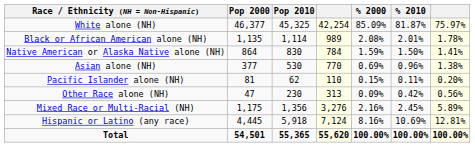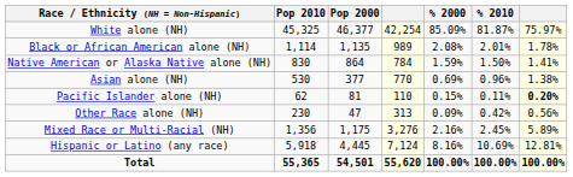 <table class="wikitable" style="text-align:center;">
 <tr>
 <th>Race / Ethnicity <small>(<em>NH = Non-Hispanic</em>)</small></th>
+<th>Pop 2010</th>
 <th>Pop 2000</th>
-<th>Pop 2010</th>
 <th></th>
 <th>% 2000</th>
 <th>% 2010</th>
 <th></th>
 </tr>
 <tr>
 <td><a href='#'>White</a> alone (NH)</td>
+<td>45,325</td>
 <td>46,377</td>
-<td>45,325</td>
 <td style='background: #ffffe6;'>42,254</td>
 <td>85.09%</td>
 <td>81.87%</td>
 <td style='background: #ffffe6;'>75.97%</td>
 </tr>
 <tr>
 <td><a href='#'>Black or African American</a> alone (NH)</td>
+<td>1,114</td>
 <td>1,135</td>
-<td>1,114</td>
 <td style='background: #ffffe6;'>989</td>
 <td>2.08%</td>
 <td>2.01%</td>
 <td style='background: #ffffe6;'>1.78%</td>
 </tr>
 <tr>
 <td><a href='#'>Native American</a> or <a href='#'>Alaska Native</a> alone (NH)</td>
+<td>830</td>
 <td>864</td>
-<td>830</td>
 <td style='background: #ffffe6;'>784</td>
 <td>1.59%</td>
 <td>1.50%</td>
 <td style='background: #ffffe6;'>1.41%</td>
 </tr>
 <tr>
 <td><a href='#'>Asian</a> alone (NH)</td>
+<td>530</td>
 <td>377</td>
-<td>530</td>
 <td style='background: #ffffe6;'>770</td>
 <td>0.69%</td>
 <td>0.96%</td>
 <td style='background: #ffffe6;'>1.38%</td>
 </tr>
 <tr>
 <td><a href='#'>Pacific Islander</a> alone (NH)</td>
+<td>62</td>
 <td>81</td>
-<td>62</td>
 <td style='background: #ffffe6;'>110</td>
 <td>0.15%</td>
 <td>0.11%</td>
-<td style='background: #ffffe6;'>0.20%</td>
+<td style='background: #ffffe6;'><strong>0.20%</strong></td>
 </tr>
 <tr>
 <td><a href='#'>Other Race</a> alone (NH)</td>
+<td>230</td>
 <td>47</td>
-<td>230</td>
 <td style='background: #ffffe6;'>313</td>
 <td>0.09%</td>
 <td>0.42%</td>
 <td style='background: #ffffe6;'>0.56%</td>
 </tr>
 <tr>
 <td><a href='#'>Mixed Race or Multi-Racial</a> (NH)</td>
+<td>1,356</td>
 <td>1,175</td>
-<td>1,356</td>
 <td style='background: #ffffe6;'>3,276</td>
 <td>2.16%</td>
 <td>2.45%</td>
 <td style='background: #ffffe6;'>5.89%</td>
 </tr>
 <tr>
 <td><a href='#'>Hispanic or Latino</a> (any race)</td>
+<td>5,918</td>
 <td>4,445</td>
-<td>5,918</td>
 <td style='background: #ffffe6;'>7,124</td>
 <td>8.16%</td>
 <td>10.69%</td>
 <td style='background: #ffffe6;'>12.81%</td>
 </tr>
 <tr>
 <td><strong>Total</strong></td>
+<td><strong>55,365</strong></td>
 <td><strong>54,501</strong></td>
-<td><strong>55,365</strong></td>
 <td style='background: #ffffe6;'><strong>55,620</strong></td>
 <td><strong>100.00%</strong></td>
 <td><strong>100.00%</strong></td>
 <td style='background: #ffffe6;'><strong>100.00%</strong></td>
 </tr>
 </table>
